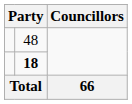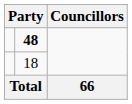 <table class="wikitable">
 <tr>
 <th colspan=2>Party</th>
 <th>Councillors</th>
 </tr>
 <tr>
 <td></td>
-<td align=center>48</td>
+<td align=center><strong>48</strong></td>
 </tr>
 <tr>
 <td></td>
-<td align=center><strong>18</strong></td>
+<td align=center>18</td>
 </tr>
 <tr>
 <th colspan=2>Total</th>
 <th align=center>66</th>
 </tr>
 </table>
